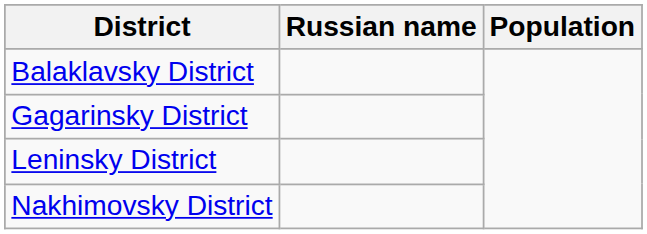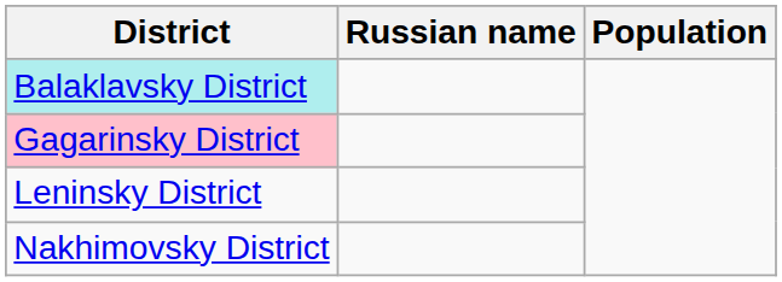 <table class="wikitable sortable">
 <tr>
 <th>District</th>
 <th>Russian name</th>
 <th>Population</th>
 </tr>
 <tr>
-<td><a href='#'>Balaklavsky District</a></td>
+<td style="background: paleturquoise;"><a href='#'>Balaklavsky District</a></td>
 <td></td>
 </tr>
 <tr>
-<td><a href='#'>Gagarinsky District</a></td>
+<td style="background: pink;"><a href='#'>Gagarinsky District</a></td>
 <td></td>
 </tr>
 <tr>
 <td><a href='#'>Leninsky District</a></td>
 <td></td>
 </tr>
 <tr>
 <td><a href='#'>Nakhimovsky District</a></td>
 <td></td>
 </tr>
 </table>
